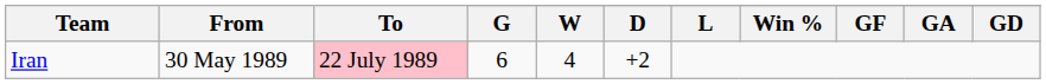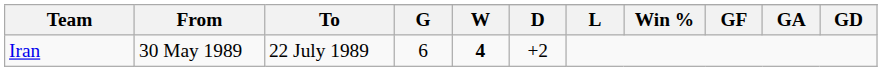 <table class="wikitable" style="text-align: center">
 <tr>
 <th rowspan=2! width=100>Team</th>
 <th rowspan=2! width=100>From</th>
 <th rowspan=2! width=100>To</th>
 </tr>
 <tr>
 <th width=40>G</th>
 <th width=40>W</th>
 <th width=40>D</th>
 <th width=40>L</th>
 <th width=60>Win %</th>
 <th width=40>GF</th>
 <th width=40>GA</th>
 <th width=40>GD</th>
 </tr>
 <tr>
 <td align=left><a href='#'>Iran</a> </td>
 <td align=left>30 May 1989</td>
-<td align=left style="background: pink;">22 July 1989<br></td>
+<td align=left>22 July 1989<br></td>
 <td>6</td>
-<td>4</td>
+<td><strong>4</strong></td>
 <td>+2</td>
 </tr>
 </table>
